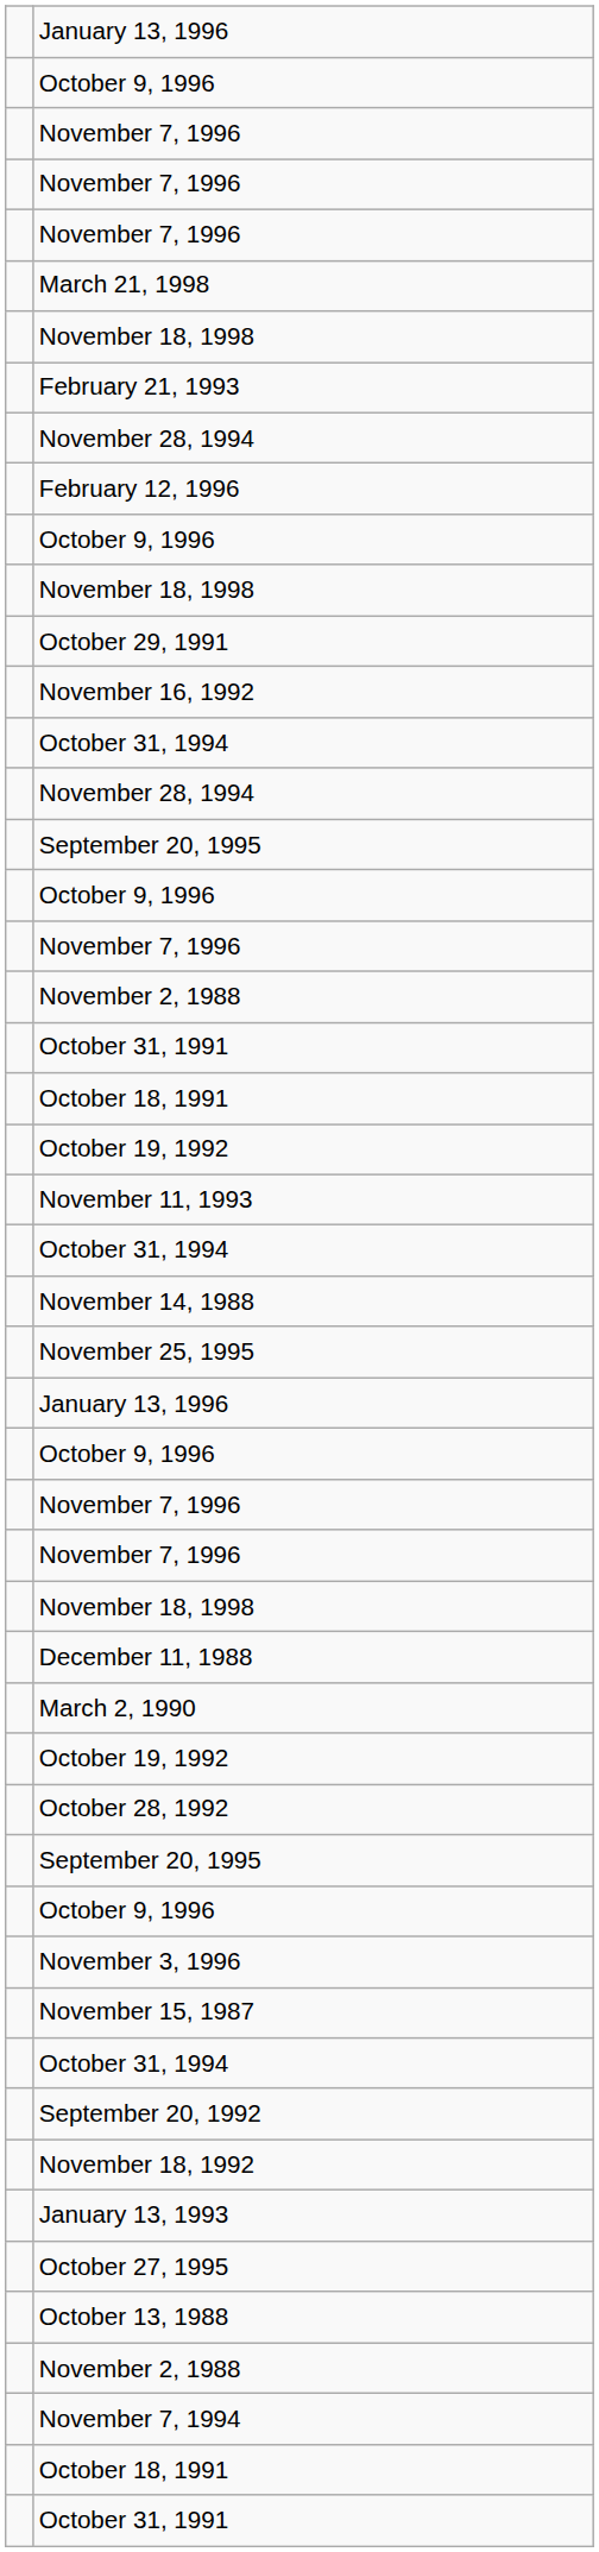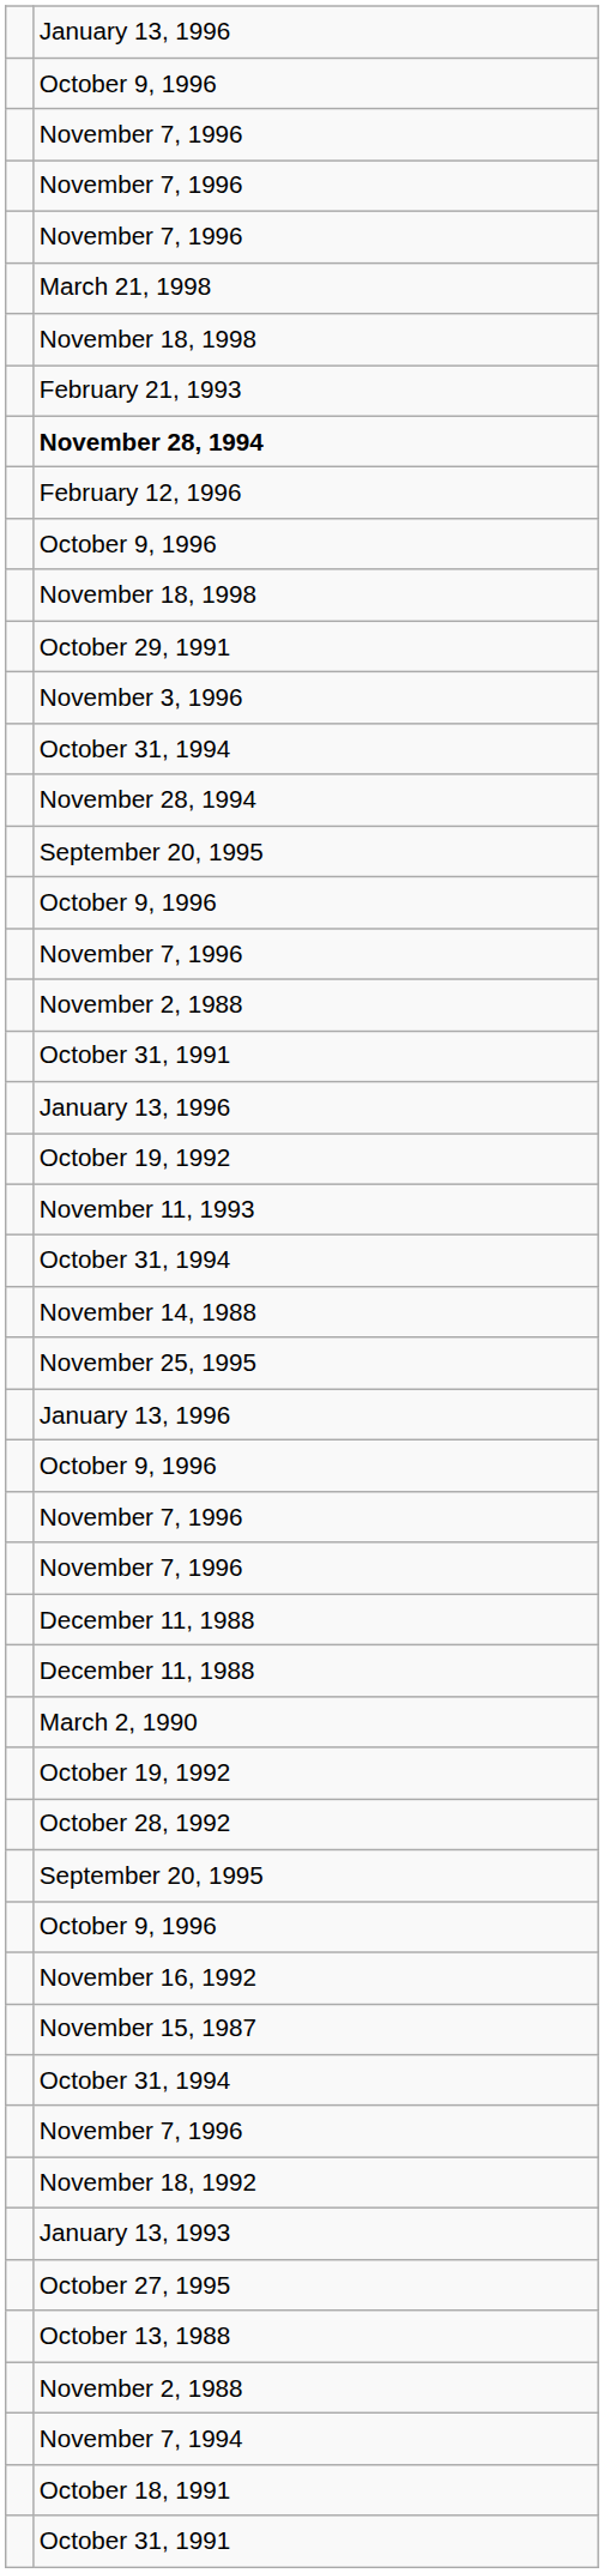 <table class="wikitable" style="font-size: 89%; float: left; width: 24em; margin-right: 1em; line-height: 1.6em !important;  height: 1250px;">
 <tr>
 <td></td>
 <td>January 13, 1996</td>
 </tr>
 <tr>
 <td></td>
 <td>October 9, 1996</td>
 </tr>
 <tr>
 <td></td>
 <td>November 7, 1996</td>
 </tr>
 <tr>
 <td></td>
 <td>November 7, 1996</td>
 </tr>
 <tr>
 <td></td>
 <td>November 7, 1996</td>
 </tr>
 <tr>
 <td></td>
 <td>March 21, 1998</td>
 </tr>
 <tr>
 <td></td>
 <td>November 18, 1998</td>
 </tr>
 <tr>
 <td></td>
 <td>February 21, 1993</td>
 </tr>
 <tr>
 <td></td>
-<td>November 28, 1994</td>
+<td><strong>November 28, 1994</strong></td>
 </tr>
 <tr>
 <td></td>
 <td>February 12, 1996</td>
 </tr>
 <tr>
 <td></td>
 <td>October 9, 1996</td>
 </tr>
 <tr>
 <td></td>
 <td>November 18, 1998</td>
 </tr>
 <tr>
 <td></td>
 <td>October 29, 1991</td>
 </tr>
 <tr>
 <td></td>
-<td>November 16, 1992</td>
+<td>November 3, 1996</td>
 </tr>
 <tr>
 <td></td>
 <td>October 31, 1994</td>
 </tr>
 <tr>
 <td></td>
 <td>November 28, 1994</td>
 </tr>
 <tr>
 <td></td>
 <td>September 20, 1995</td>
 </tr>
 <tr>
 <td></td>
 <td>October 9, 1996</td>
 </tr>
 <tr>
 <td></td>
 <td>November 7, 1996</td>
 </tr>
 <tr>
 <td></td>
 <td>November 2, 1988</td>
 </tr>
 <tr>
 <td></td>
 <td>October 31, 1991</td>
 </tr>
 <tr>
 <td></td>
-<td>October 18, 1991</td>
+<td>January 13, 1996</td>
 </tr>
 <tr>
 <td></td>
 <td>October 19, 1992</td>
 </tr>
 <tr>
 <td></td>
 <td>November 11, 1993</td>
 </tr>
 <tr>
 <td></td>
 <td>October 31, 1994</td>
 </tr>
 <tr>
 <td></td>
 <td>November 14, 1988</td>
 </tr>
 <tr>
 <td></td>
 <td>November 25, 1995</td>
 </tr>
 <tr>
 <td></td>
 <td>January 13, 1996</td>
 </tr>
 <tr>
 <td></td>
 <td>October 9, 1996</td>
 </tr>
 <tr>
 <td></td>
 <td>November 7, 1996</td>
 </tr>
 <tr>
 <td></td>
 <td>November 7, 1996</td>
 </tr>
 <tr>
 <td></td>
-<td>November 18, 1998</td>
+<td>December 11, 1988</td>
 </tr>
 <tr>
 <td></td>
 <td>December 11, 1988</td>
 </tr>
 <tr>
 <td></td>
 <td>March 2, 1990</td>
 </tr>
 <tr>
 <td></td>
 <td>October 19, 1992</td>
 </tr>
 <tr>
 <td></td>
 <td>October 28, 1992</td>
 </tr>
 <tr>
 <td></td>
 <td>September 20, 1995</td>
 </tr>
 <tr>
 <td></td>
 <td>October 9, 1996</td>
 </tr>
 <tr>
 <td></td>
-<td>November 3, 1996</td>
+<td>November 16, 1992</td>
 </tr>
 <tr>
 <td></td>
 <td>November 15, 1987</td>
 </tr>
 <tr>
 <td></td>
 <td>October 31, 1994</td>
 </tr>
 <tr>
 <td></td>
-<td>September 20, 1992</td>
+<td>November 7, 1996</td>
 </tr>
 <tr>
 <td></td>
 <td>November 18, 1992</td>
 </tr>
 <tr>
 <td></td>
 <td>January 13, 1993</td>
 </tr>
 <tr>
 <td></td>
 <td>October 27, 1995</td>
 </tr>
 <tr>
 <td></td>
 <td>October 13, 1988</td>
 </tr>
 <tr>
 <td></td>
 <td>November 2, 1988</td>
 </tr>
 <tr>
 <td></td>
 <td>November 7, 1994</td>
 </tr>
 <tr>
 <td></td>
 <td>October 18, 1991</td>
 </tr>
 <tr>
 <td></td>
 <td>October 31, 1991</td>
 </tr>
 </table>
